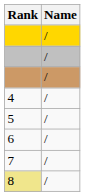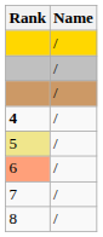 <table class="wikitable">
 <tr>
 <th>Rank</th>
 <th>Name</th>
 </tr>
 <tr style="background:gold;">
 <td></td>
 <td> / </td>
 </tr>
 <tr style="background:silver;">
 <td></td>
 <td> / </td>
 </tr>
 <tr style="background:#cc9966;">
 <td></td>
 <td> / </td>
 </tr>
 <tr>
-<td>4</td>
+<td><strong>4</strong></td>
 <td> / </td>
 </tr>
 <tr>
-<td>5</td>
+<td style="background: khaki;">5</td>
 <td> / </td>
 </tr>
 <tr>
-<td>6</td>
+<td style="background: lightsalmon;">6</td>
 <td> / </td>
 </tr>
 <tr>
 <td>7</td>
 <td> / </td>
 </tr>
 <tr>
-<td style="background: khaki;">8</td>
+<td>8</td>
 <td> / </td>
 </tr>
 </table>
